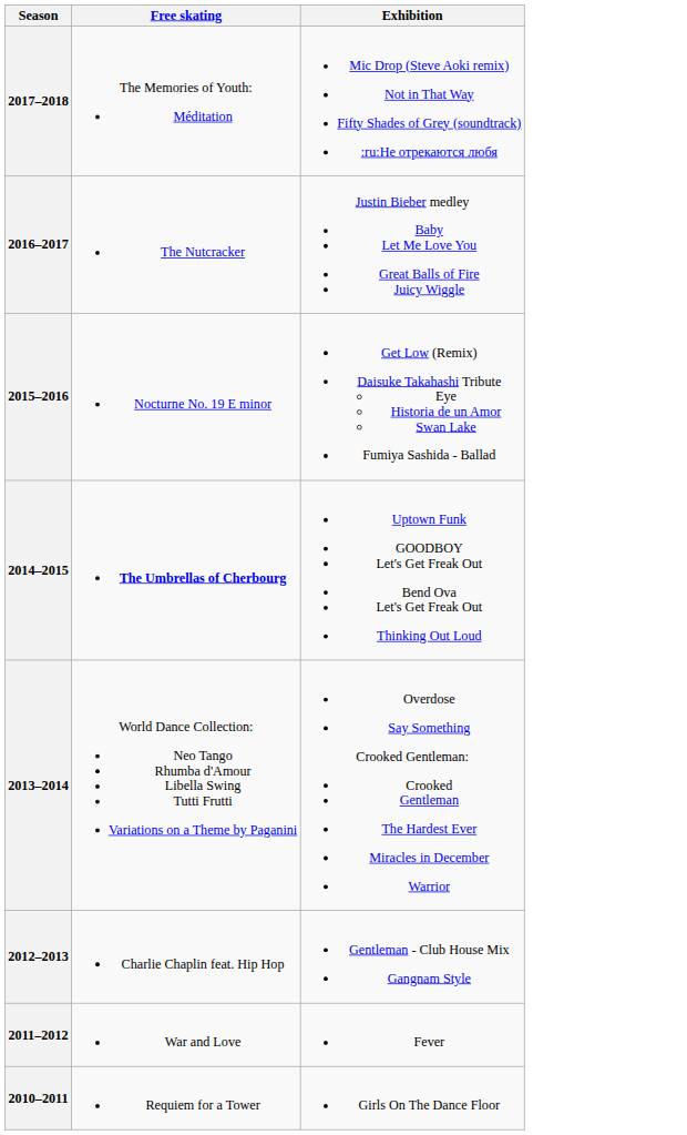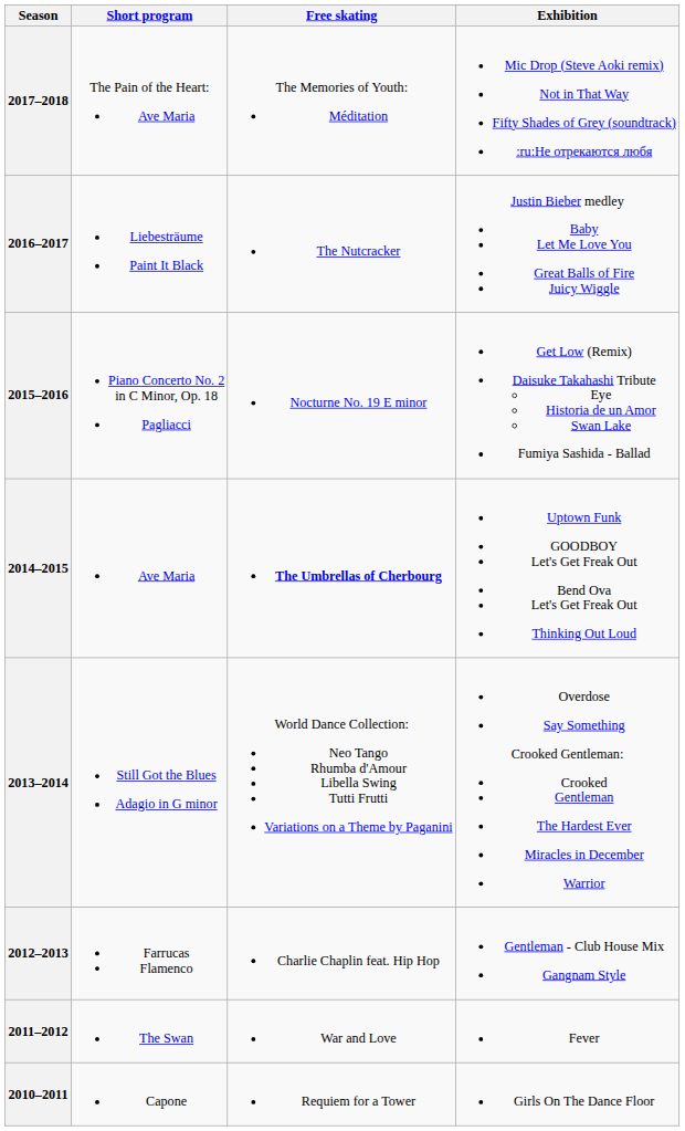 <table class=wikitable style=text-align:center>
 <tr>
 <th>Season</th>
+<th><a href='#'>Short program</a></th>
 <th><a href='#'>Free skating</a></th>
 <th>Exhibition</th>
 </tr>
 <tr>
 <th>2017–2018 <br></th>
+<td><br>The Pain of the Heart:<ul><li><a href='#'>Ave Maria</a> <br></li></ul></td>
 <td><br>The Memories of Youth:<ul><li><a href='#'>Méditation</a> <br></li></ul></td>
 <td><br><ul><li><a href='#'>Mic Drop (Steve Aoki remix)</a> <br></li></ul><ul><li><a href='#'>Not in That Way</a> <br></li></ul><ul><li><a href='#'>Fifty Shades of Grey (soundtrack)</a></li></ul><ul><li><a href='#'>:ru:Не отрекаются любя</a> <br></li></ul></td>
 </tr>
 <tr>
 <th>2016–2017 <br></th>
+<td><br><ul><li><a href='#'>Liebesträume</a> <br></li></ul><ul><li><a href='#'>Paint It Black</a> <br></li></ul></td>
 <td><br><ul><li><a href='#'>The Nutcracker</a> <br></li></ul></td>
 <td><br> <a href='#'>Justin Bieber</a> medley<ul><li><a href='#'>Baby</a></li><li><a href='#'>Let Me Love You</a></li></ul><ul><li><a href='#'>Great Balls of Fire</a> <br></li><li><a href='#'>Juicy Wiggle</a> <br></li></ul></td>
 </tr>
 <tr>
 <th>2015–2016 <br></th>
+<td><br><ul><li><a href='#'>Piano Concerto No. 2</a> <br> in C Minor, Op. 18 <br></li></ul><ul><li><a href='#'>Pagliacci</a> <br></li></ul></td>
 <td><br><ul><li><a href='#'>Nocturne No. 19 E minor</a> <br></li></ul></td>
 <td><br><ul><li><a href='#'>Get Low</a> (Remix) <br></li></ul><ul><li><a href='#'>Daisuke Takahashi</a> Tribute<ul><li>Eye <br></li><li><a href='#'>Historia de un Amor</a> <br></li><li><a href='#'>Swan Lake</a> <br></li></ul></li></ul><ul><li>Fumiya Sashida - Ballad <br></li></ul></td>
 </tr>
 <tr>
 <th>2014–2015 <br></th>
+<td><br><ul><li><a href='#'>Ave Maria</a> <br></li></ul></td>
 <td><strong><br><ul><li><a href='#'>The Umbrellas of Cherbourg</a> <br></li></ul></strong></td>
 <td><br><ul><li><a href='#'>Uptown Funk</a> <br> </li></ul><ul><li>GOODBOY <br> </li><li>Let's Get Freak Out <br></li></ul><ul><li>Bend Ova</li><li>Let's Get Freak Out <br></li></ul><ul><li><a href='#'>Thinking Out Loud</a> <br> </li></ul></td>
 </tr>
 <tr>
 <th>2013–2014 <br></th>
+<td><br><ul><li><a href='#'>Still Got the Blues</a> <br></li></ul><ul><li><a href='#'>Adagio in G minor</a> <br></li></ul></td>
 <td>World Dance Collection:<br><ul><li>Neo Tango <br></li><li>Rhumba d'Amour</li><li>Libella Swing <br></li><li>Tutti Frutti <br></li></ul><ul><li><a href='#'>Variations on a Theme by Paganini</a> <br></li></ul></td>
 <td><br><ul><li>Overdose <br> </li></ul><ul><li><a href='#'>Say Something</a> <br>  </li></ul>Crooked Gentleman:<ul><li>Crooked <br></li><li><a href='#'>Gentleman</a> <br></li></ul><ul><li><a href='#'>The Hardest Ever</a> <br> </li></ul><ul><li><a href='#'>Miracles in December</a> <br> </li></ul><ul><li><a href='#'>Warrior</a> <br> </li></ul></td>
 </tr>
 <tr>
 <th>2012–2013 <br></th>
+<td><br><ul><li>Farrucas <br></li><li>Flamenco <br></li></ul></td>
 <td><br><ul><li>Charlie Chaplin feat. Hip Hop</li></ul></td>
 <td><br><ul><li><a href='#'>Gentleman</a> - Club House Mix <br> </li></ul><ul><li><a href='#'>Gangnam Style</a> <br>  </li></ul></td>
 </tr>
 <tr>
 <th>2011–2012 <br></th>
+<td><br><ul><li><a href='#'>The Swan</a> <br></li></ul></td>
 <td><br><ul><li>War and Love <br></li></ul></td>
 <td><br><ul><li>Fever <br> </li></ul></td>
 </tr>
 <tr>
 <th>2010–2011 <br></th>
+<td><br><ul><li>Capone <br></li></ul></td>
 <td><br><ul><li>Requiem for a Tower <br></li></ul></td>
 <td><br><ul><li>Girls On The Dance Floor <br></li></ul></td>
 </tr>
 </table>
